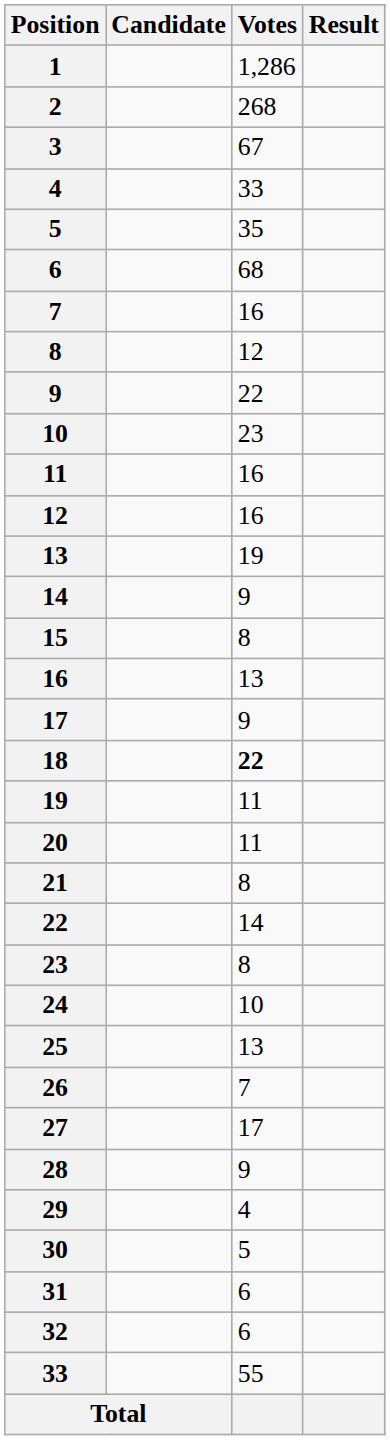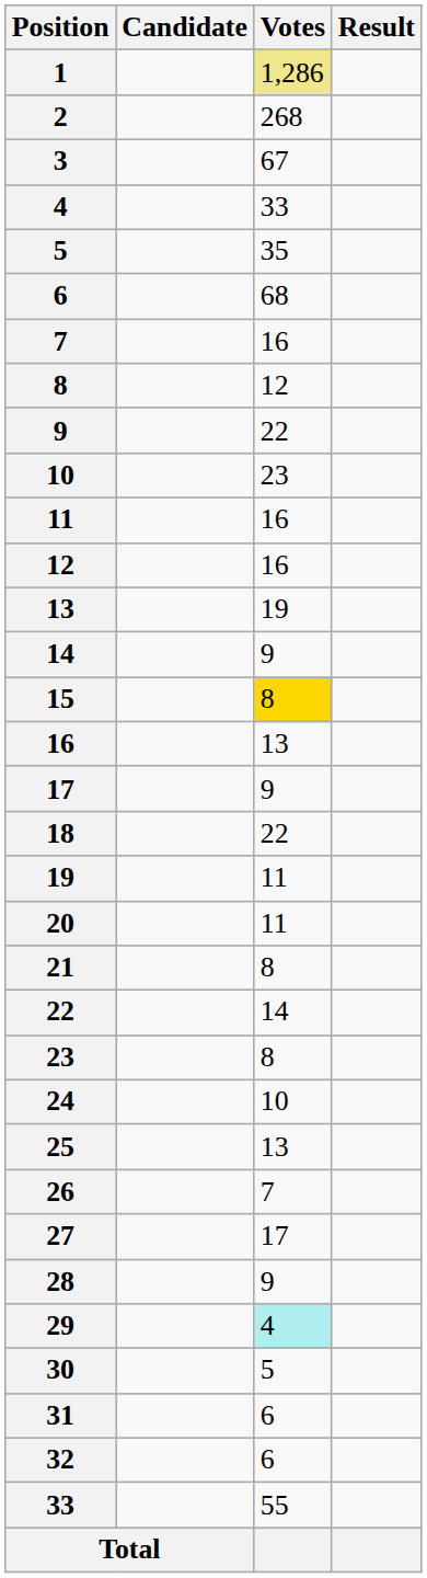 <table class="wikitable sortable col3right">
 <tr>
 <th scope="col">Position</th>
 <th scope="col">Candidate</th>
 <th scope="col">Votes</th>
 <th scope="col">Result</th>
 </tr>
 <tr>
 <th scope="row">1</th>
 <td></td>
-<td>1,286</td>
+<td style="background: khaki;">1,286</td>
 <td></td>
 </tr>
 <tr>
 <th scope="row">2</th>
 <td></td>
 <td>268</td>
 <td></td>
 </tr>
 <tr>
 <th scope="row">3</th>
 <td></td>
 <td>67</td>
 <td></td>
 </tr>
 <tr>
 <th scope="row">4</th>
 <td></td>
 <td>33</td>
 <td></td>
 </tr>
 <tr>
 <th scope="row">5</th>
 <td></td>
 <td>35</td>
 <td></td>
 </tr>
 <tr>
 <th scope="row">6</th>
 <td></td>
 <td>68</td>
 <td></td>
 </tr>
 <tr>
 <th scope="row">7</th>
 <td></td>
 <td>16</td>
 <td></td>
 </tr>
 <tr>
 <th scope="row">8</th>
 <td></td>
 <td>12</td>
 <td></td>
 </tr>
 <tr>
 <th scope="row">9</th>
 <td></td>
 <td>22</td>
 <td></td>
 </tr>
 <tr>
 <th scope="row">10</th>
 <td></td>
 <td>23</td>
 <td></td>
 </tr>
 <tr>
 <th scope="row">11</th>
 <td></td>
 <td>16</td>
 <td></td>
 </tr>
 <tr>
 <th scope="row">12</th>
 <td></td>
 <td>16</td>
 <td></td>
 </tr>
 <tr>
 <th scope="row">13</th>
 <td></td>
 <td>19</td>
 <td></td>
 </tr>
 <tr>
 <th scope="row">14</th>
 <td></td>
 <td>9</td>
 <td></td>
 </tr>
 <tr>
 <th scope="row">15</th>
 <td></td>
-<td>8</td>
+<td style="background: gold;">8</td>
 <td></td>
 </tr>
 <tr>
 <th scope="row">16</th>
 <td></td>
 <td>13</td>
 <td></td>
 </tr>
 <tr>
 <th scope="row">17</th>
 <td></td>
 <td>9</td>
 <td></td>
 </tr>
 <tr>
 <th scope="row">18</th>
 <td></td>
-<td><strong>22</strong></td>
+<td>22</td>
 <td></td>
 </tr>
 <tr>
 <th scope="row">19</th>
 <td></td>
 <td>11</td>
 <td></td>
 </tr>
 <tr>
 <th scope="row">20</th>
 <td></td>
 <td>11</td>
 <td></td>
 </tr>
 <tr>
 <th scope="row">21</th>
 <td></td>
 <td>8</td>
 <td></td>
 </tr>
 <tr>
 <th scope="row">22</th>
 <td></td>
 <td>14</td>
 <td></td>
 </tr>
 <tr>
 <th scope="row">23</th>
 <td></td>
 <td>8</td>
 <td></td>
 </tr>
 <tr>
 <th scope="row">24</th>
 <td></td>
 <td>10</td>
 <td></td>
 </tr>
 <tr>
 <th scope="row">25</th>
 <td></td>
 <td>13</td>
 <td></td>
 </tr>
 <tr>
 <th scope="row">26</th>
 <td></td>
 <td>7</td>
 <td></td>
 </tr>
 <tr>
 <th scope="row">27</th>
 <td></td>
 <td>17</td>
 <td></td>
 </tr>
 <tr>
 <th scope="row">28</th>
 <td></td>
 <td>9</td>
 <td></td>
 </tr>
 <tr>
 <th scope="row">29</th>
 <td></td>
-<td>4</td>
+<td style="background: paleturquoise;">4</td>
 <td></td>
 </tr>
 <tr>
 <th scope="row">30</th>
 <td></td>
 <td>5</td>
 <td></td>
 </tr>
 <tr>
 <th scope="row">31</th>
 <td></td>
 <td>6</td>
 <td></td>
 </tr>
 <tr>
 <th scope="row">32</th>
 <td></td>
 <td>6</td>
 <td></td>
 </tr>
 <tr>
 <th scope="row">33</th>
 <td></td>
 <td>55</td>
 <td></td>
 </tr>
 <tr class="sortbottom">
 <th scope="row" colspan="2">Total</th>
 <th></th>
 <th></th>
 </tr>
 </table>
